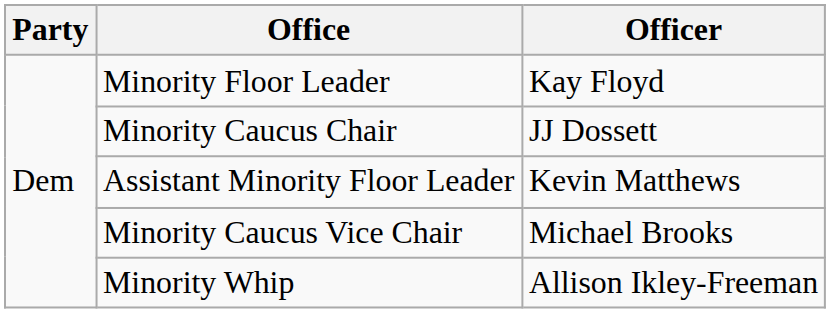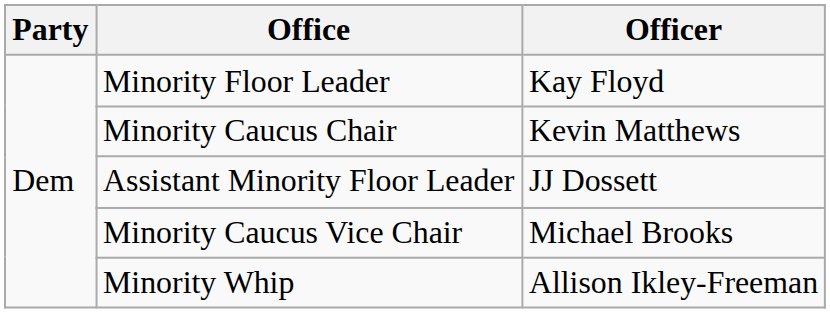 <table class=wikitable>
 <tr>
 <th>Party</th>
 <th>Office</th>
 <th>Officer</th>
 </tr>
 <tr>
 <td rowspan=5 style="background: ">Dem</td>
 <td>Minority Floor Leader</td>
 <td>Kay Floyd</td>
 </tr>
 <tr>
 <td>Minority Caucus Chair</td>
-<td>JJ Dossett</td>
+<td>Kevin Matthews</td>
 </tr>
 <tr>
 <td>Assistant Minority Floor Leader</td>
-<td>Kevin Matthews</td>
+<td>JJ Dossett</td>
 </tr>
 <tr>
 <td>Minority Caucus Vice Chair</td>
 <td>Michael Brooks</td>
 </tr>
 <tr>
 <td>Minority Whip</td>
 <td>Allison Ikley-Freeman</td>
 </tr>
 </table>
